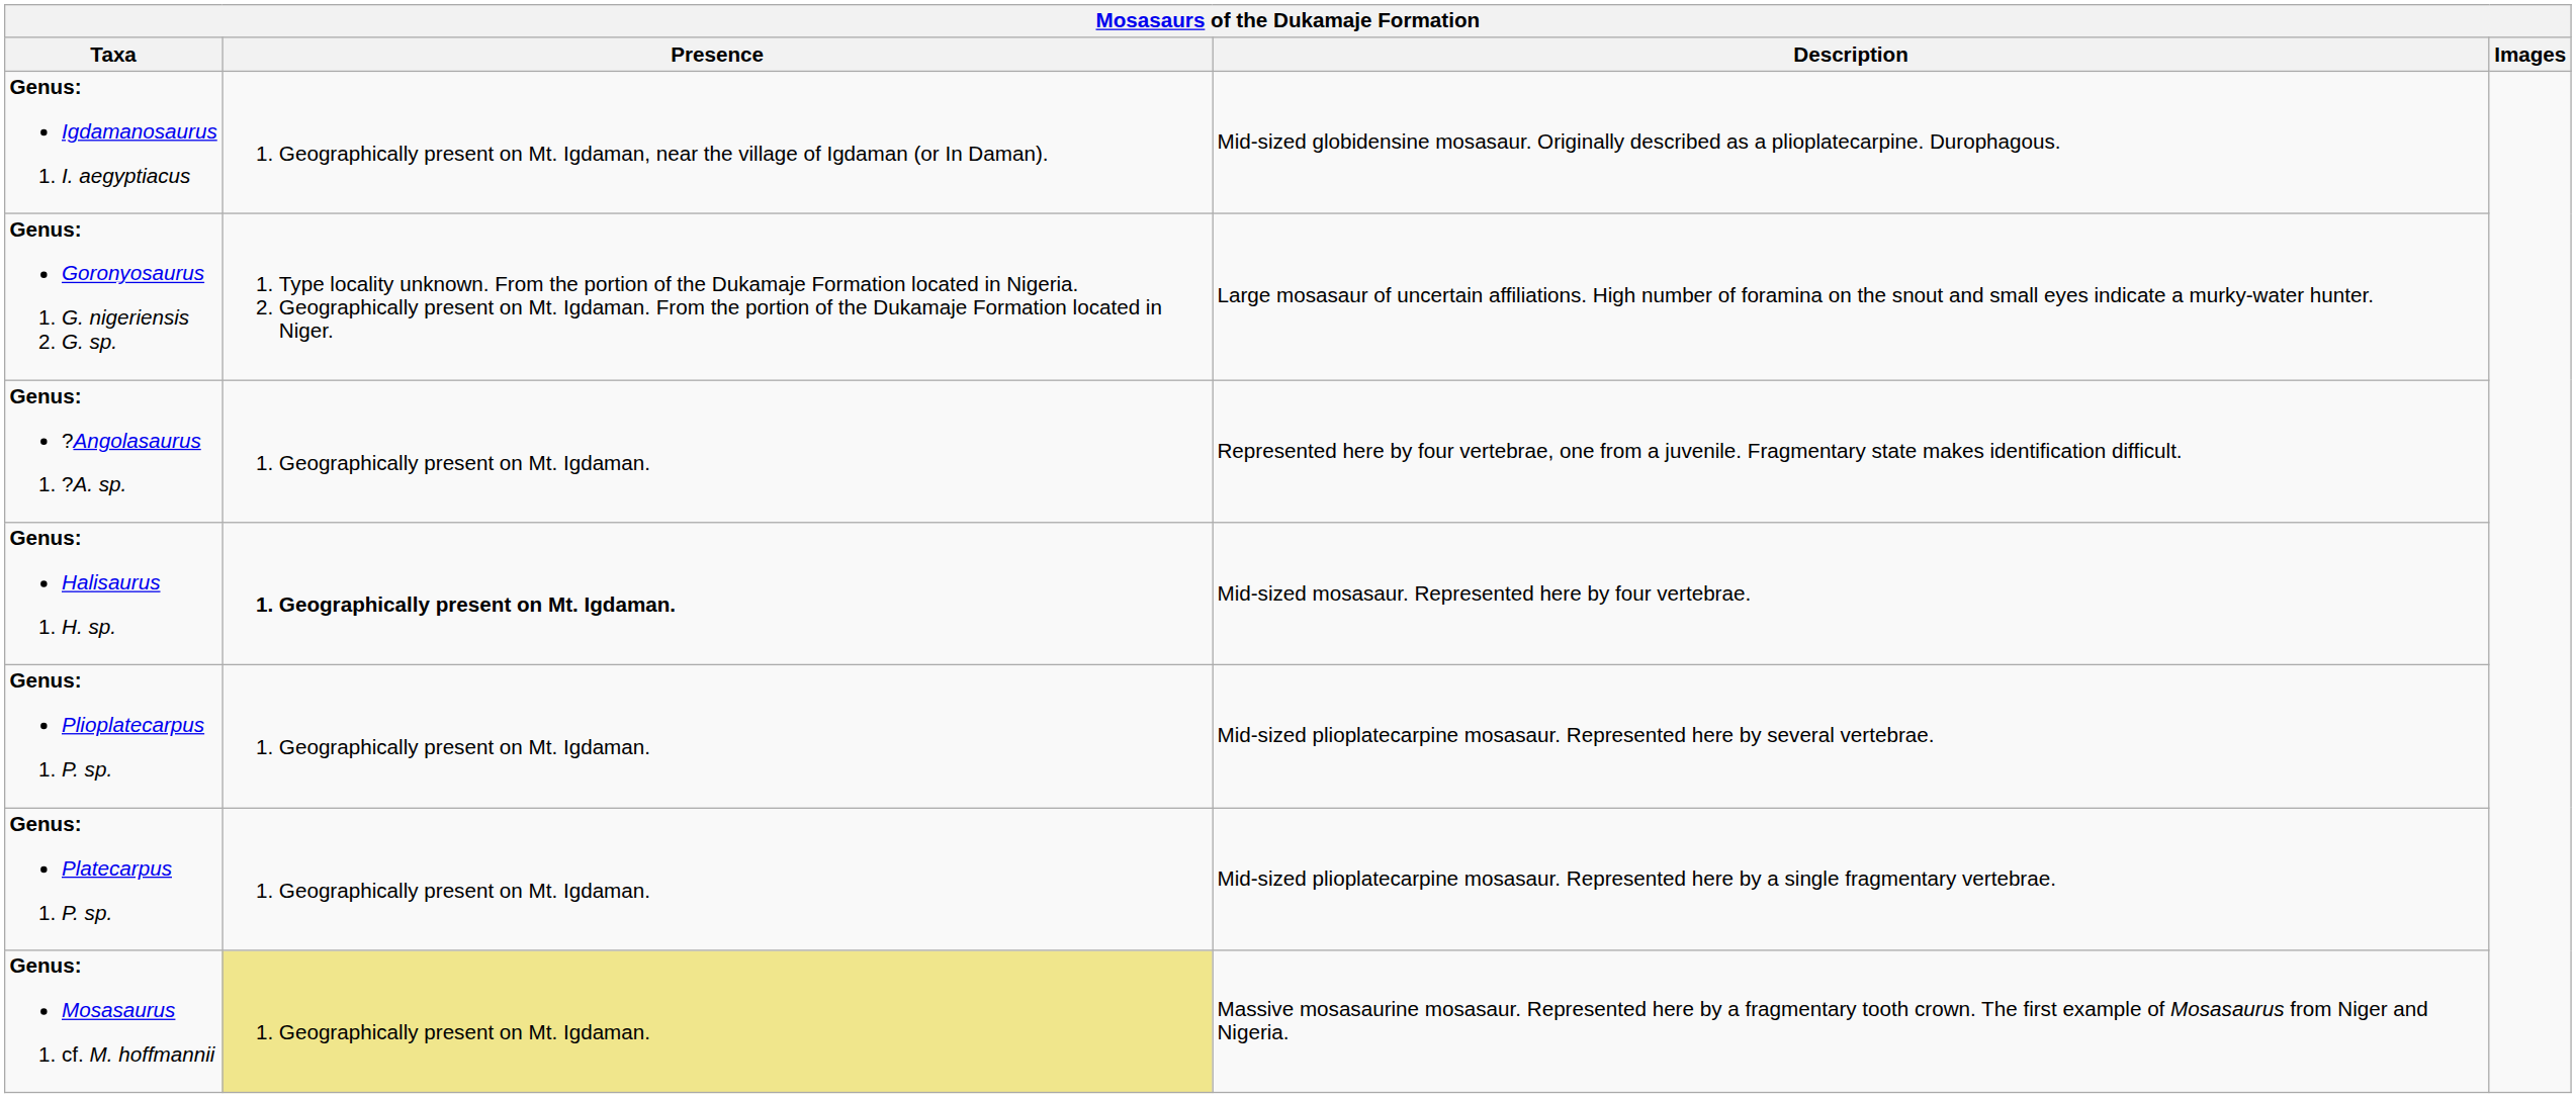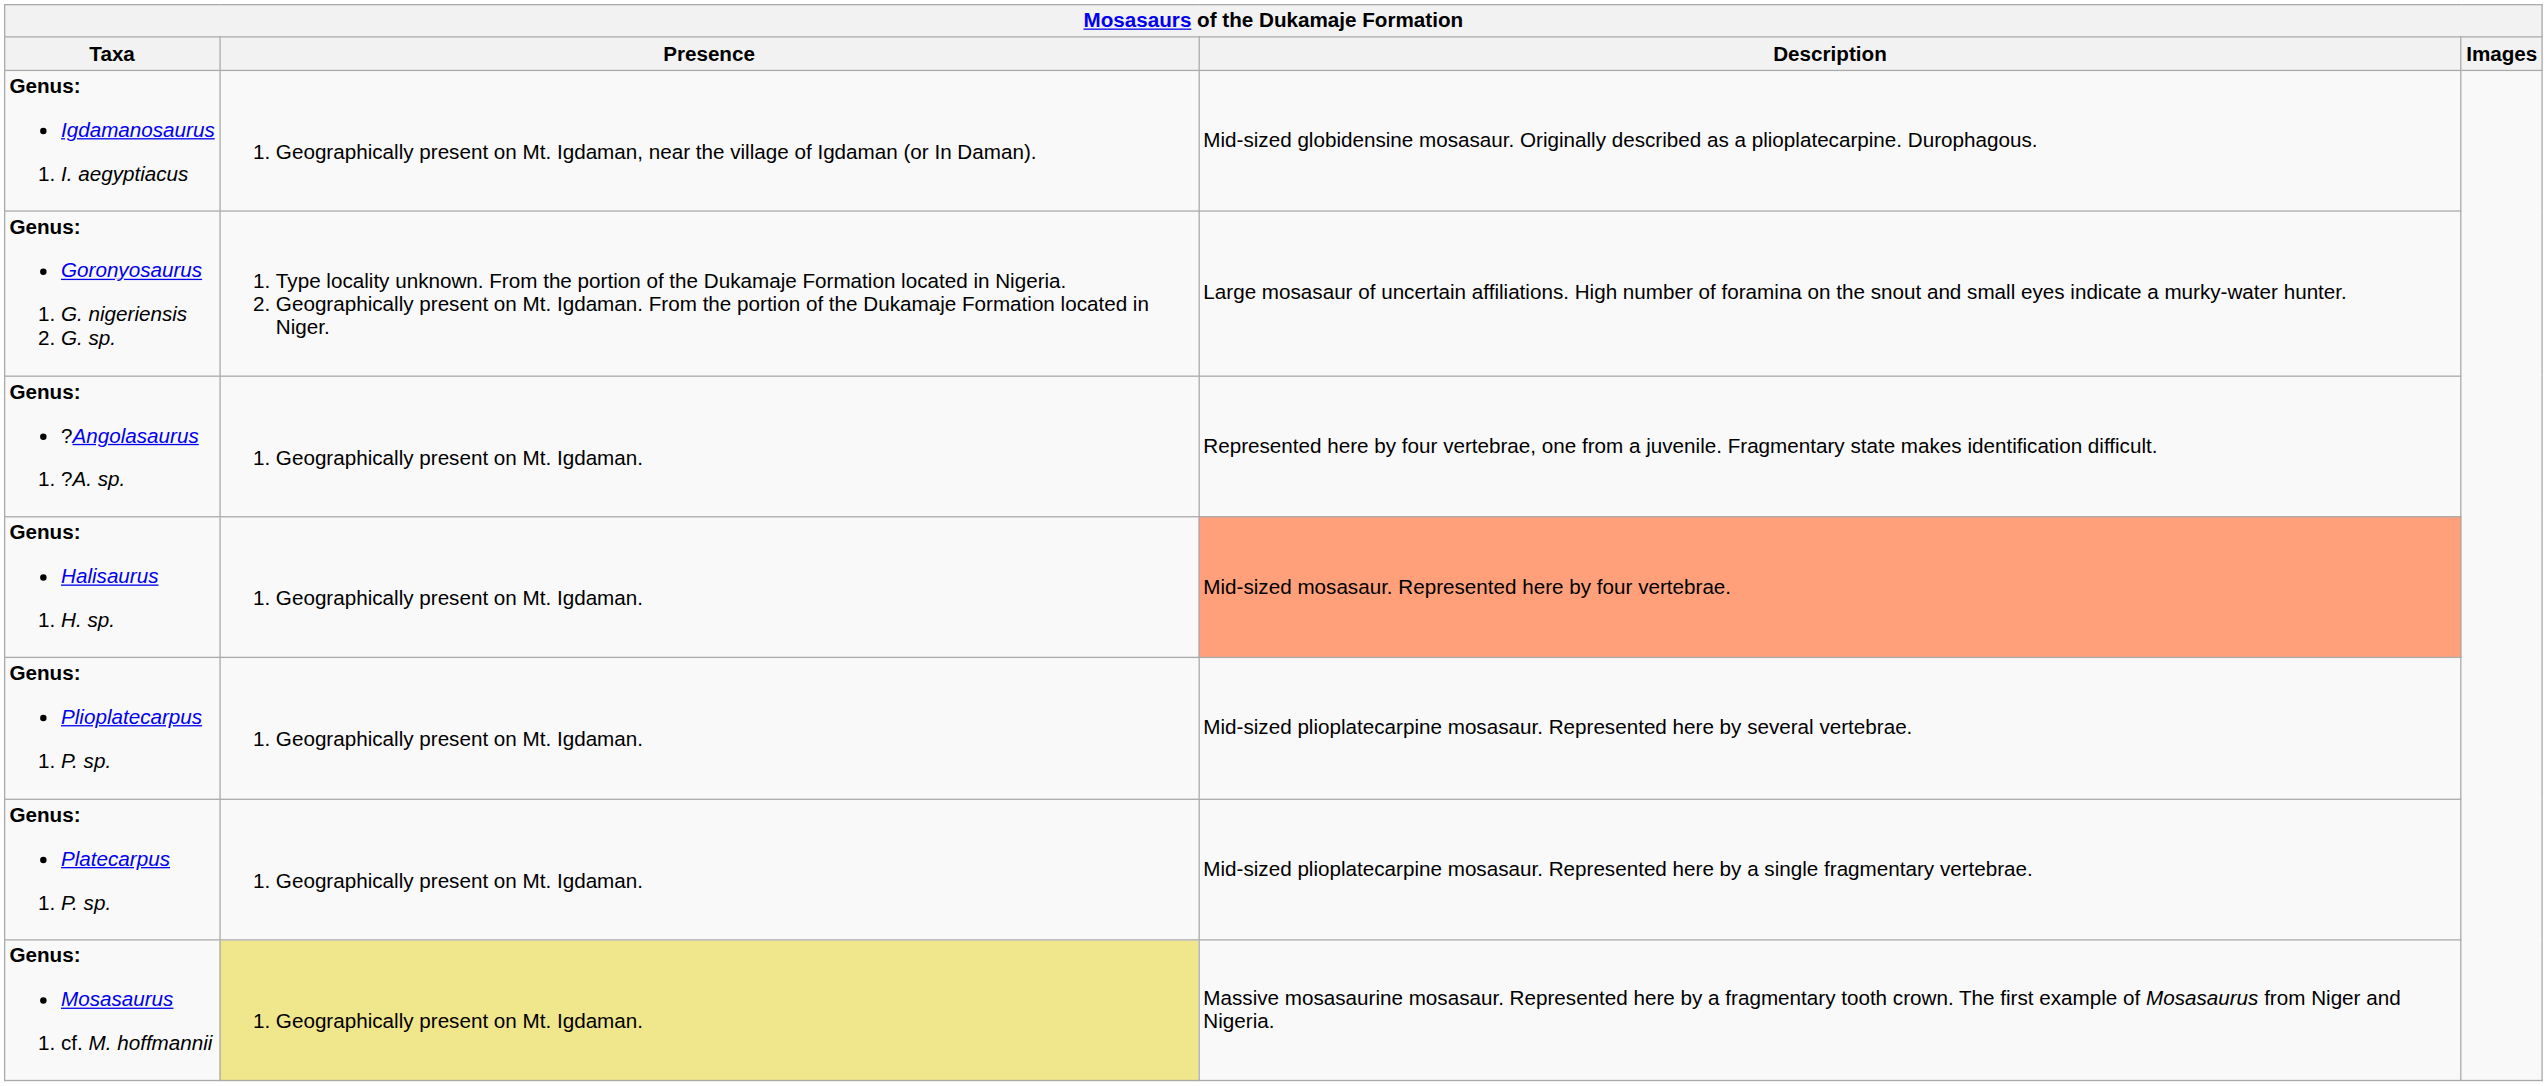 <table class="wikitable" align="center">
 <tr>
 <th colspan="4" align="center"><a href='#'>Mosasaurs</a> of the Dukamaje Formation</th>
 </tr>
 <tr>
 <th>Taxa</th>
 <th>Presence</th>
 <th>Description</th>
 <th>Images</th>
 </tr>
 <tr>
 <td><strong>Genus:</strong><br><ul><li><em><a href='#'>Igdamanosaurus</a></em></li></ul><ol><li><em>I. aegyptiacus</em></li></ol></td>
 <td><br><ol><li>Geographically present on Mt. Igdaman, near the village of Igdaman (or In Daman).</li></ol></td>
 <td>Mid-sized globidensine mosasaur. Originally described as a plioplatecarpine. Durophagous.</td>
 <td rowspan="7"><br></td>
 </tr>
 <tr>
 <td><strong>Genus:</strong><br><ul><li><em><a href='#'>Goronyosaurus</a></em></li></ul><ol><li><em>G. nigeriensis</em></li><li><em>G. sp.</em></li></ol></td>
 <td><br><ol><li>Type locality unknown. From the portion of the Dukamaje Formation located in Nigeria.</li><li>Geographically present on Mt. Igdaman. From the portion of the Dukamaje Formation located in Niger.</li></ol></td>
 <td>Large mosasaur of uncertain affiliations. High number of foramina on the snout and small eyes indicate a murky-water hunter.</td>
 </tr>
 <tr>
 <td><strong>Genus:</strong><br><ul><li>?<em><a href='#'>Angolasaurus</a></em></li></ul><ol><li>?<em>A. sp.</em></li></ol></td>
 <td><br><ol><li>Geographically present on Mt. Igdaman.</li></ol></td>
 <td>Represented here by four vertebrae, one from a juvenile. Fragmentary state makes identification difficult.</td>
 </tr>
 <tr>
 <td><strong>Genus:</strong><br><ul><li><em><a href='#'>Halisaurus</a></em></li></ul><ol><li><em>H. sp.</em></li></ol></td>
-<td><strong><br><ol><li>Geographically present on Mt. Igdaman.</li></ol></strong></td>
-<td>Mid-sized mosasaur. Represented here by four vertebrae.</td>
+<td><br><ol><li>Geographically present on Mt. Igdaman.</li></ol></td>
+<td style="background: lightsalmon;">Mid-sized mosasaur. Represented here by four vertebrae.</td>
 </tr>
 <tr>
 <td><strong>Genus:</strong><br><ul><li><em><a href='#'>Plioplatecarpus</a></em></li></ul><ol><li><em>P. sp.</em></li></ol></td>
 <td><br><ol><li>Geographically present on Mt. Igdaman.</li></ol></td>
 <td>Mid-sized plioplatecarpine mosasaur. Represented here by several vertebrae.</td>
 </tr>
 <tr>
 <td><strong>Genus:</strong><br><ul><li><em><a href='#'>Platecarpus</a></em></li></ul><ol><li><em>P. sp.</em></li></ol></td>
 <td><br><ol><li>Geographically present on Mt. Igdaman.</li></ol></td>
 <td>Mid-sized plioplatecarpine mosasaur. Represented here by a single fragmentary vertebrae.</td>
 </tr>
 <tr>
 <td><strong>Genus:</strong><br><ul><li><em><a href='#'>Mosasaurus</a></em></li></ul><ol><li>cf. <em>M. hoffmannii</em></li></ol></td>
 <td style="background: khaki;"><br><ol><li>Geographically present on Mt. Igdaman.</li></ol></td>
 <td>Massive mosasaurine mosasaur. Represented here by a fragmentary tooth crown. The first example of <em>Mosasaurus</em> from Niger and Nigeria.</td>
 </tr>
 </table>
